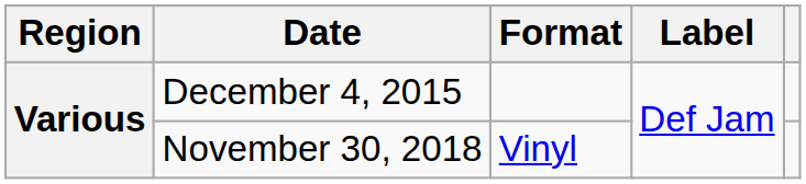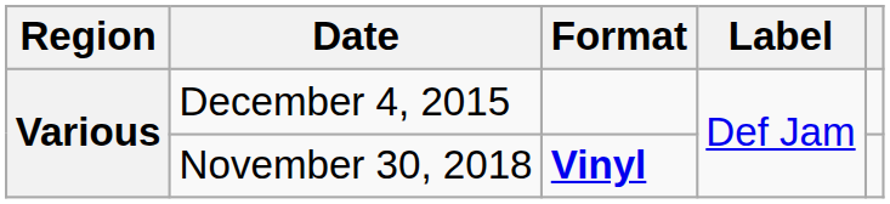 <table class="wikitable plainrowheaders">
 <tr>
 <th scope="col">Region</th>
 <th scope="col">Date</th>
 <th scope="col">Format</th>
 <th scope="col">Label</th>
 <th scope="col"></th>
 </tr>
 <tr>
 <th scope="row" rowspan="2">Various</th>
 <td>December 4, 2015</td>
 <td></td>
 <td rowspan="2"><a href='#'>Def Jam</a></td>
 <td style="text-align:center;"></td>
 </tr>
 <tr>
 <td>November 30, 2018</td>
-<td><a href='#'>Vinyl</a></td>
+<td><strong><a href='#'>Vinyl</a></strong></td>
 <td style="text-align:center;"></td>
 </tr>
 </table>
